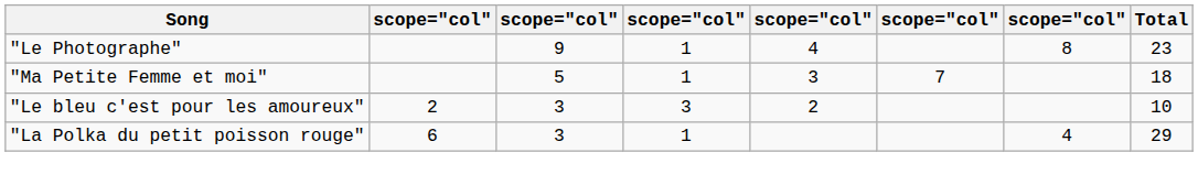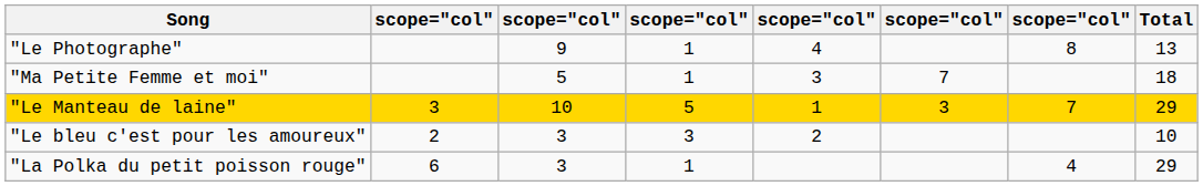 <table class="wikitable plainrowheaders" style="margin: 1em auto 1em auto; text-align:center;">
 <tr>
 <th scope="col">Song</th>
 <th>scope="col" </th>
 <th>scope="col" </th>
 <th>scope="col" </th>
 <th>scope="col" </th>
 <th>scope="col" </th>
 <th>scope="col" </th>
 <th scope="col">Total</th>
 </tr>
 <tr>
 <td align="left">"Le Photographe"</td>
 <td></td>
 <td>9</td>
 <td>1</td>
 <td>4</td>
 <td></td>
 <td>8</td>
-<td>23</td>
+<td>13</td>
 </tr>
 <tr>
 <td align="left">"Ma Petite Femme et moi"</td>
 <td></td>
 <td>5</td>
 <td>1</td>
 <td>3</td>
 <td>7</td>
 <td></td>
 <td>18</td>
+</tr>
+<tr style="background:gold">
+<td align="left">"Le Manteau de laine"</td>
+<td>3</td>
+<td>10</td>
+<td>5</td>
+<td>1</td>
+<td>3</td>
+<td>7</td>
+<td>29</td>
 </tr>
 <tr>
 <td align="left">"Le bleu c'est pour les amoureux"</td>
 <td>2</td>
 <td>3</td>
 <td>3</td>
 <td>2</td>
 <td></td>
 <td></td>
 <td>10</td>
 </tr>
 <tr>
 <td align="left">"La Polka du petit poisson rouge"</td>
 <td>6</td>
 <td>3</td>
 <td>1</td>
 <td></td>
 <td></td>
 <td>4</td>
 <td>29</td>
 </tr>
 </table>
